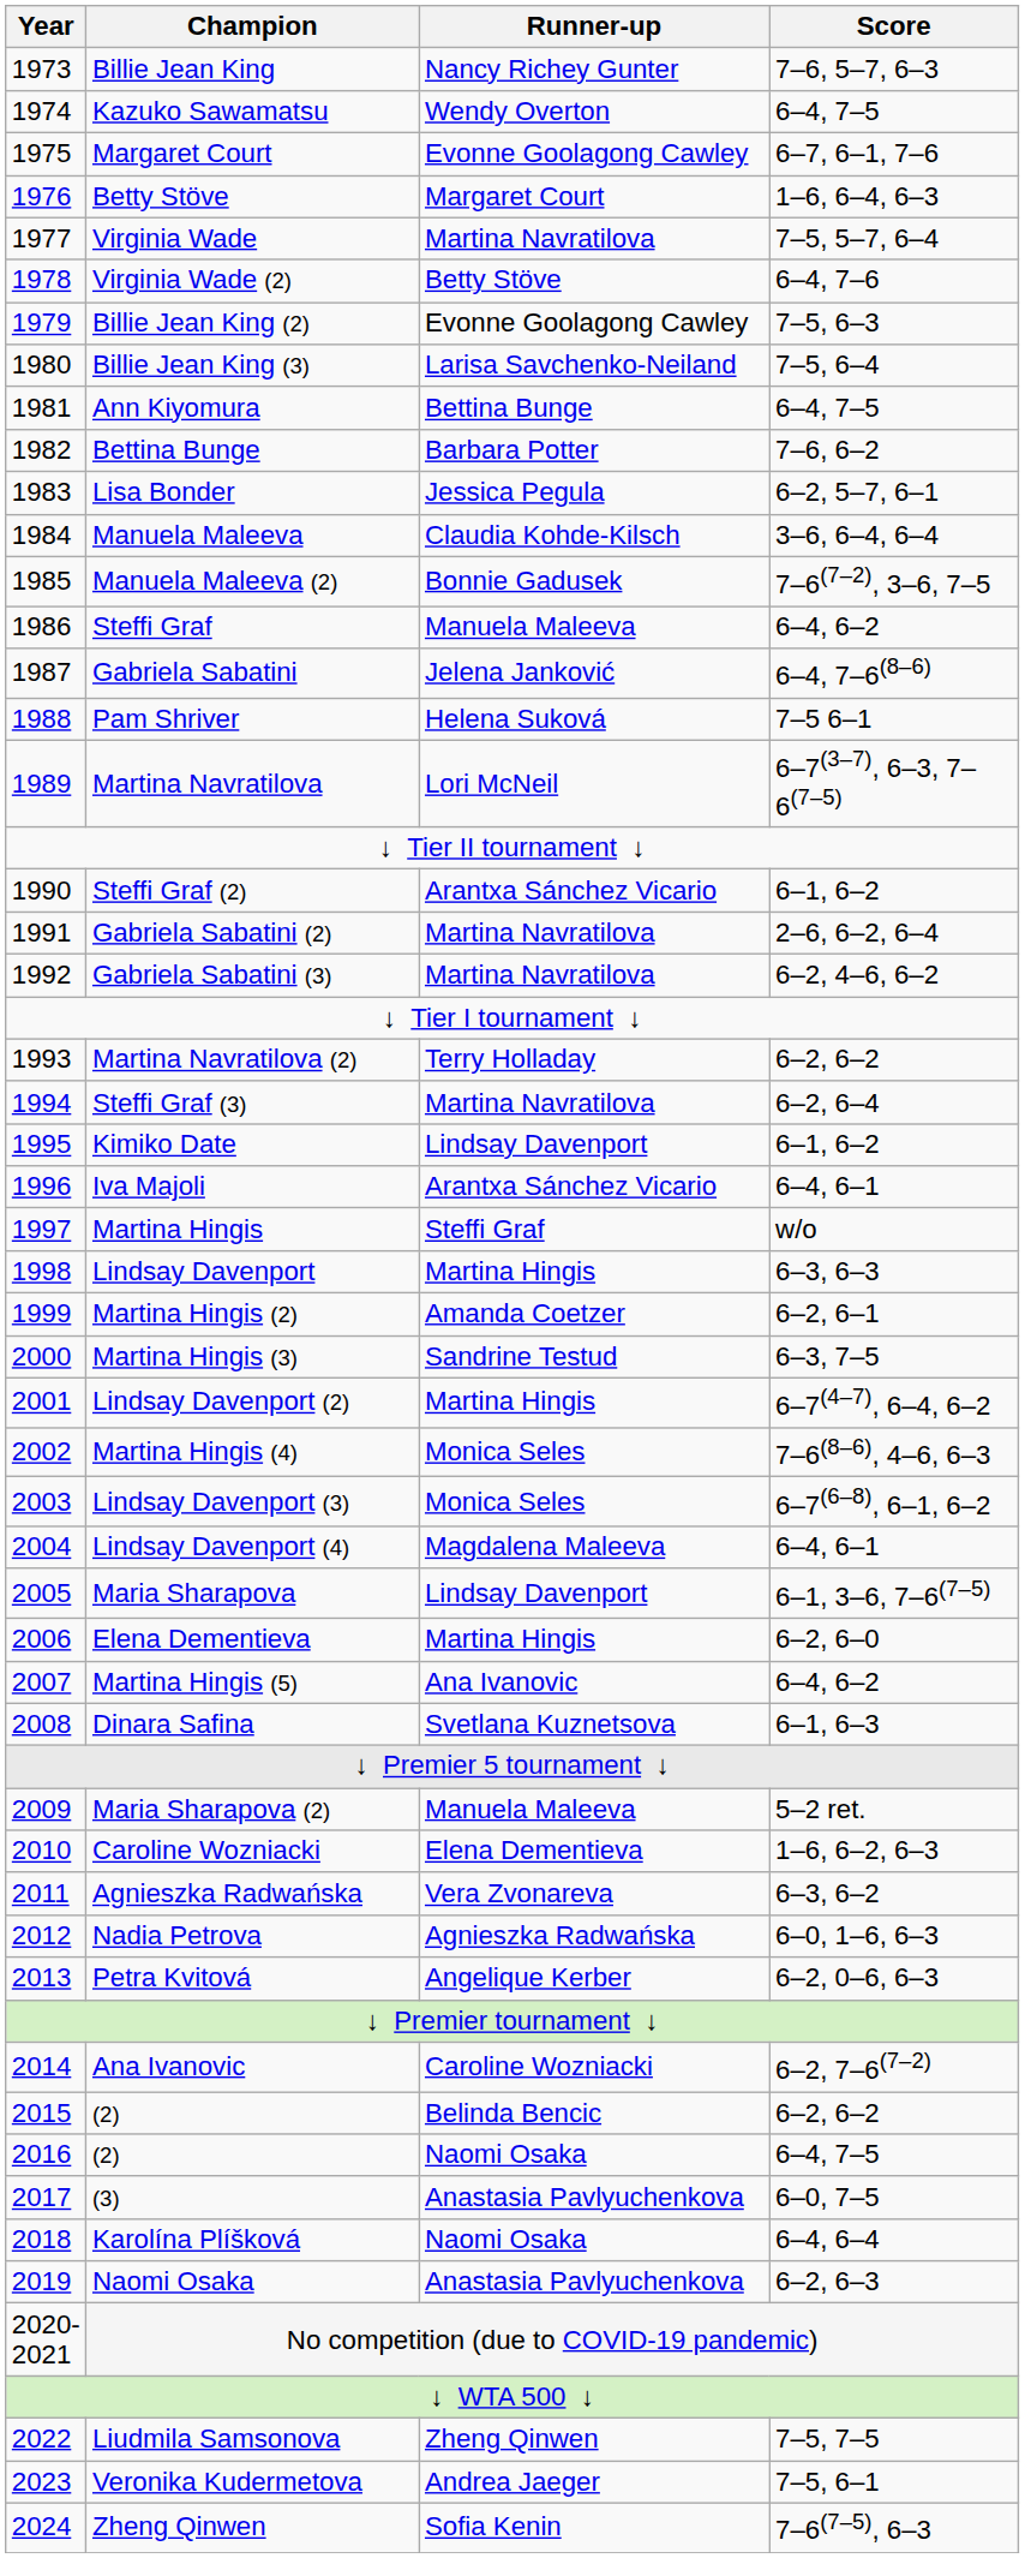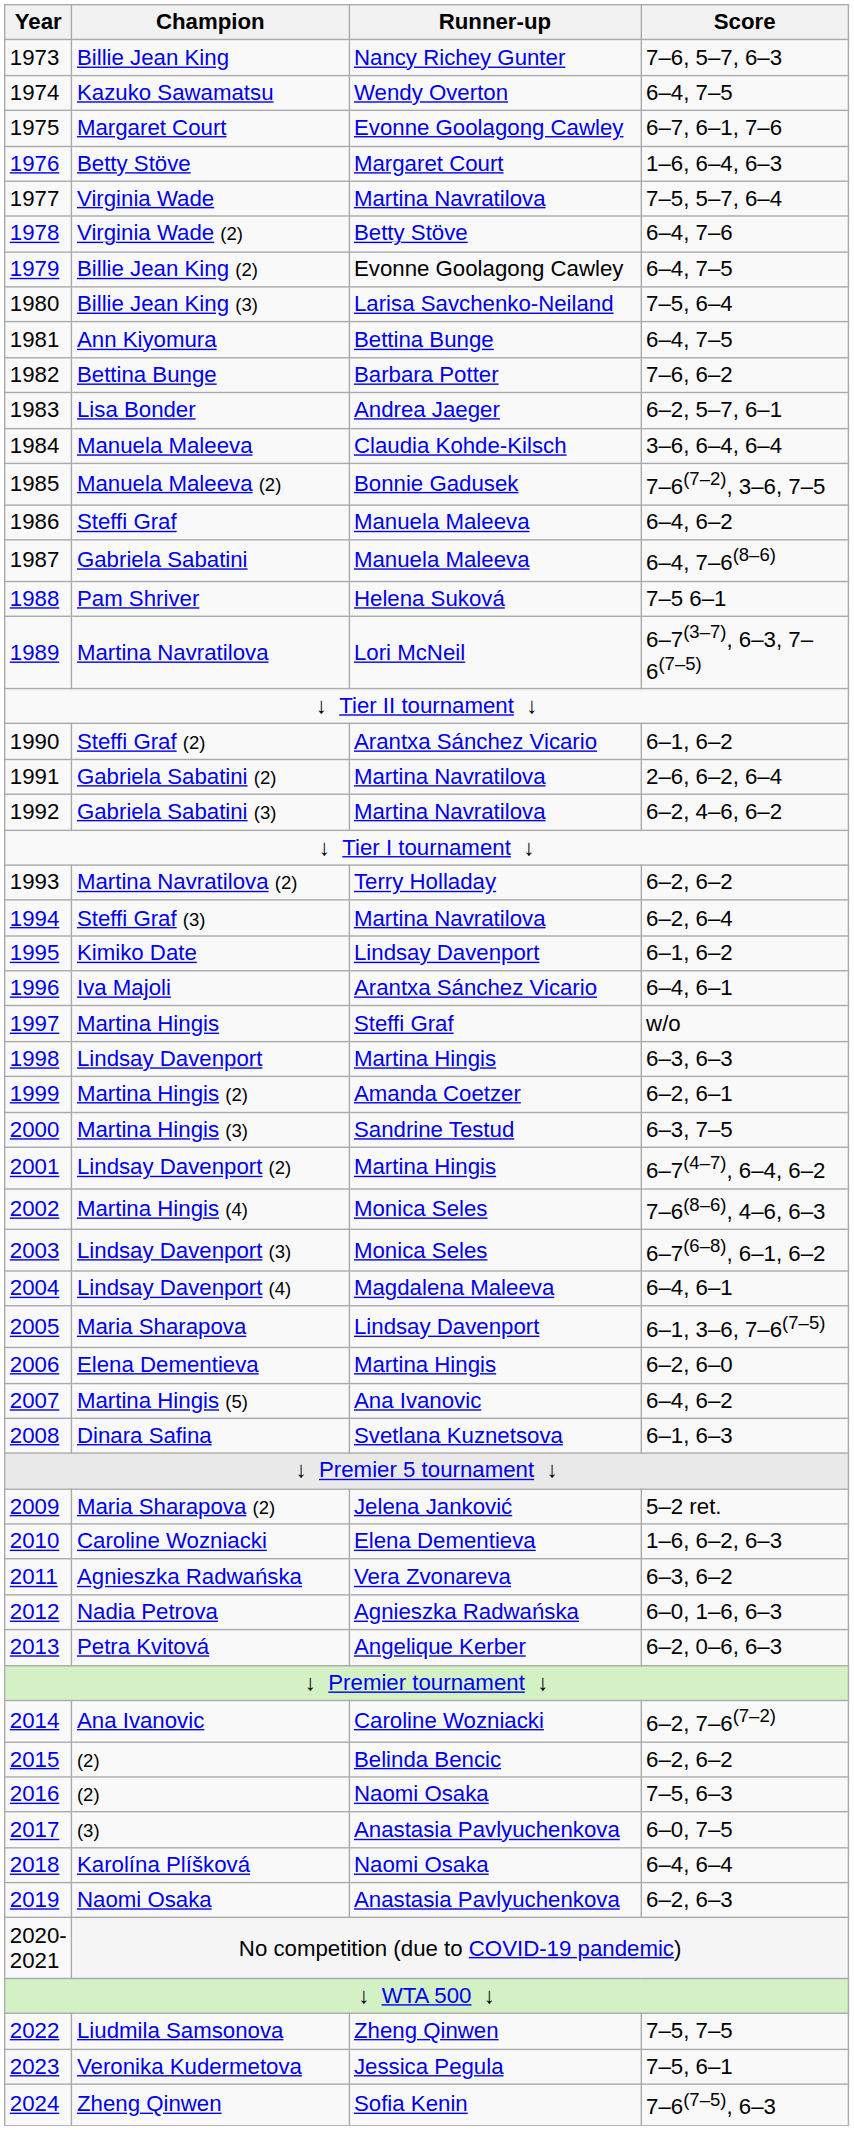 <table class="wikitable">
 <tr>
 <th style="width:40px">Year</th>
 <th style="width:200px">Champion</th>
 <th style="width:210px">Runner-up</th>
 <th style="width:150px" class="unsortable">Score</th>
 </tr>
 <tr>
 <td>1973</td>
 <td> <a href='#'>Billie Jean King</a></td>
 <td> <a href='#'>Nancy Richey Gunter</a></td>
 <td>7–6, 5–7, 6–3</td>
 </tr>
 <tr>
 <td>1974</td>
 <td> <a href='#'>Kazuko Sawamatsu</a></td>
 <td> <a href='#'>Wendy Overton</a></td>
 <td>6–4, 7–5</td>
 </tr>
 <tr>
 <td>1975</td>
 <td> <a href='#'>Margaret Court</a></td>
 <td> <a href='#'>Evonne Goolagong Cawley</a></td>
 <td>6–7, 6–1, 7–6</td>
 </tr>
 <tr>
 <td><a href='#'>1976</a></td>
 <td> <a href='#'>Betty Stöve</a></td>
 <td> <a href='#'>Margaret Court</a></td>
 <td>1–6, 6–4, 6–3</td>
 </tr>
 <tr>
 <td>1977</td>
 <td> <a href='#'>Virginia Wade</a></td>
 <td> <a href='#'>Martina Navratilova</a></td>
 <td>7–5, 5–7, 6–4</td>
 </tr>
 <tr>
 <td><a href='#'>1978</a></td>
 <td> <a href='#'>Virginia Wade</a> <small>(2) </small></td>
 <td> <a href='#'>Betty Stöve</a></td>
 <td>6–4, 7–6</td>
 </tr>
 <tr>
 <td><a href='#'>1979</a></td>
 <td> <a href='#'>Billie Jean King</a> <small>(2) </small></td>
 <td> Evonne Goolagong Cawley</td>
-<td>7–5, 6–3</td>
+<td>6–4, 7–5</td>
 </tr>
 <tr>
 <td>1980</td>
 <td> <a href='#'>Billie Jean King</a> <small>(3) </small></td>
 <td> <a href='#'>Larisa Savchenko-Neiland</a></td>
 <td>7–5, 6–4</td>
 </tr>
 <tr>
 <td>1981</td>
 <td> <a href='#'>Ann Kiyomura</a></td>
 <td> <a href='#'>Bettina Bunge</a></td>
 <td>6–4, 7–5</td>
 </tr>
 <tr>
 <td>1982</td>
 <td> <a href='#'>Bettina Bunge</a></td>
 <td> <a href='#'>Barbara Potter</a></td>
 <td>7–6, 6–2</td>
 </tr>
 <tr>
 <td>1983</td>
 <td> <a href='#'>Lisa Bonder</a></td>
-<td> <a href='#'>Jessica Pegula</a></td>
+<td> <a href='#'>Andrea Jaeger</a></td>
 <td>6–2, 5–7, 6–1</td>
 </tr>
 <tr>
 <td>1984</td>
 <td> <a href='#'>Manuela Maleeva</a></td>
 <td> <a href='#'>Claudia Kohde-Kilsch</a></td>
 <td>3–6, 6–4, 6–4</td>
 </tr>
 <tr>
 <td>1985</td>
 <td> <a href='#'>Manuela Maleeva</a> <small>(2) </small></td>
 <td> <a href='#'>Bonnie Gadusek</a></td>
 <td>7–6<sup>(7–2)</sup>, 3–6, 7–5</td>
 </tr>
 <tr>
 <td>1986</td>
 <td> <a href='#'>Steffi Graf</a></td>
 <td> <a href='#'>Manuela Maleeva</a></td>
 <td>6–4, 6–2</td>
 </tr>
 <tr>
 <td>1987</td>
 <td> <a href='#'>Gabriela Sabatini</a></td>
-<td> <a href='#'>Jelena Janković</a></td>
+<td> <a href='#'>Manuela Maleeva</a></td>
 <td>6–4, 7–6<sup>(8–6)</sup></td>
 </tr>
 <tr>
 <td><a href='#'>1988</a></td>
 <td> <a href='#'>Pam Shriver</a></td>
 <td> <a href='#'>Helena Suková</a></td>
 <td>7–5 6–1</td>
 </tr>
 <tr>
 <td><a href='#'>1989</a></td>
 <td> <a href='#'>Martina Navratilova</a></td>
 <td> <a href='#'>Lori McNeil</a></td>
 <td>6–7<sup>(3–7)</sup>, 6–3, 7–6<sup>(7–5)</sup></td>
 </tr>
 <tr>
 <td colspan="4" align="center">↓  <a href='#'>Tier II tournament</a>  ↓</td>
 </tr>
 <tr>
 <td>1990</td>
 <td> <a href='#'>Steffi Graf</a> <small>(2) </small></td>
 <td> <a href='#'>Arantxa Sánchez Vicario</a></td>
 <td>6–1, 6–2</td>
 </tr>
 <tr>
 <td>1991</td>
 <td> <a href='#'>Gabriela Sabatini</a> <small>(2) </small></td>
 <td> <a href='#'>Martina Navratilova</a></td>
 <td>2–6, 6–2, 6–4</td>
 </tr>
 <tr>
 <td>1992</td>
 <td> <a href='#'>Gabriela Sabatini</a> <small>(3) </small></td>
 <td> <a href='#'>Martina Navratilova</a></td>
 <td>6–2, 4–6, 6–2</td>
 </tr>
 <tr>
 <td colspan="4" align="center">↓  <a href='#'>Tier I tournament</a>  ↓</td>
 </tr>
 <tr>
 <td>1993</td>
 <td> <a href='#'>Martina Navratilova</a> <small>(2) </small></td>
 <td> <a href='#'>Terry Holladay</a></td>
 <td>6–2, 6–2</td>
 </tr>
 <tr>
 <td><a href='#'>1994</a></td>
 <td> <a href='#'>Steffi Graf</a> <small>(3) </small></td>
 <td> <a href='#'>Martina Navratilova</a></td>
 <td>6–2, 6–4</td>
 </tr>
 <tr>
 <td><a href='#'>1995</a></td>
 <td> <a href='#'>Kimiko Date</a></td>
 <td> <a href='#'>Lindsay Davenport</a></td>
 <td>6–1, 6–2</td>
 </tr>
 <tr>
 <td><a href='#'>1996</a></td>
 <td> <a href='#'>Iva Majoli</a></td>
 <td> <a href='#'>Arantxa Sánchez Vicario</a></td>
 <td>6–4, 6–1</td>
 </tr>
 <tr>
 <td><a href='#'>1997</a></td>
 <td> <a href='#'>Martina Hingis</a></td>
 <td> <a href='#'>Steffi Graf</a></td>
 <td>w/o</td>
 </tr>
 <tr>
 <td><a href='#'>1998</a></td>
 <td> <a href='#'>Lindsay Davenport</a></td>
 <td> <a href='#'>Martina Hingis</a></td>
 <td>6–3, 6–3</td>
 </tr>
 <tr>
 <td><a href='#'>1999</a></td>
 <td> <a href='#'>Martina Hingis</a> <small>(2) </small></td>
 <td> <a href='#'>Amanda Coetzer</a></td>
 <td>6–2, 6–1</td>
 </tr>
 <tr>
 <td><a href='#'>2000</a></td>
 <td> <a href='#'>Martina Hingis</a> <small>(3) </small></td>
 <td> <a href='#'>Sandrine Testud</a></td>
 <td>6–3, 7–5</td>
 </tr>
 <tr>
 <td><a href='#'>2001</a></td>
 <td> <a href='#'>Lindsay Davenport</a> <small>(2) </small></td>
 <td> <a href='#'>Martina Hingis</a></td>
 <td>6–7<sup>(4–7)</sup>, 6–4, 6–2</td>
 </tr>
 <tr>
 <td><a href='#'>2002</a></td>
 <td> <a href='#'>Martina Hingis</a> <small>(4) </small></td>
 <td> <a href='#'>Monica Seles</a></td>
 <td>7–6<sup>(8–6)</sup>, 4–6, 6–3</td>
 </tr>
 <tr>
 <td><a href='#'>2003</a></td>
 <td> <a href='#'>Lindsay Davenport</a> <small>(3) </small></td>
 <td> <a href='#'>Monica Seles</a></td>
 <td>6–7<sup>(6–8)</sup>, 6–1, 6–2</td>
 </tr>
 <tr>
 <td><a href='#'>2004</a></td>
 <td> <a href='#'>Lindsay Davenport</a> <small>(4) </small></td>
 <td> <a href='#'>Magdalena Maleeva</a></td>
 <td>6–4, 6–1</td>
 </tr>
 <tr>
 <td><a href='#'>2005</a></td>
 <td> <a href='#'>Maria Sharapova</a></td>
 <td> <a href='#'>Lindsay Davenport</a></td>
 <td>6–1, 3–6, 7–6<sup>(7–5)</sup></td>
 </tr>
 <tr>
 <td><a href='#'>2006</a></td>
 <td> <a href='#'>Elena Dementieva</a></td>
 <td> <a href='#'>Martina Hingis</a></td>
 <td>6–2, 6–0</td>
 </tr>
 <tr>
 <td><a href='#'>2007</a></td>
 <td> <a href='#'>Martina Hingis</a> <small>(5) </small></td>
 <td> <a href='#'>Ana Ivanovic</a></td>
 <td>6–4, 6–2</td>
 </tr>
 <tr>
 <td><a href='#'>2008</a></td>
 <td> <a href='#'>Dinara Safina</a></td>
 <td> <a href='#'>Svetlana Kuznetsova</a></td>
 <td>6–1, 6–3</td>
 </tr>
 <tr>
 <td colspan="4" style=background:#E9E9E9 align="center">↓  <a href='#'>Premier 5 tournament</a>  ↓</td>
 </tr>
 <tr>
 <td><a href='#'>2009</a></td>
 <td> <a href='#'>Maria Sharapova</a> <small>(2) </small></td>
-<td> <a href='#'>Manuela Maleeva</a></td>
+<td> <a href='#'>Jelena Janković</a></td>
 <td>5–2 ret.</td>
 </tr>
 <tr>
 <td><a href='#'>2010</a></td>
 <td> <a href='#'>Caroline Wozniacki</a></td>
 <td> <a href='#'>Elena Dementieva</a></td>
 <td>1–6, 6–2, 6–3</td>
 </tr>
 <tr>
 <td><a href='#'>2011</a></td>
 <td> <a href='#'>Agnieszka Radwańska</a></td>
 <td> <a href='#'>Vera Zvonareva</a></td>
 <td>6–3, 6–2</td>
 </tr>
 <tr>
 <td><a href='#'>2012</a></td>
 <td> <a href='#'>Nadia Petrova</a></td>
 <td> <a href='#'>Agnieszka Radwańska</a></td>
 <td>6–0, 1–6, 6–3</td>
 </tr>
 <tr>
 <td><a href='#'>2013</a></td>
 <td> <a href='#'>Petra Kvitová</a></td>
 <td> <a href='#'>Angelique Kerber</a></td>
 <td>6–2, 0–6, 6–3</td>
 </tr>
 <tr>
 <td colspan="4" style=background:#D4F1C5 align="center">↓  <a href='#'>Premier tournament</a>  ↓</td>
 </tr>
 <tr>
 <td><a href='#'>2014</a></td>
 <td> <a href='#'>Ana Ivanovic</a></td>
 <td> <a href='#'>Caroline Wozniacki</a></td>
 <td>6–2, 7–6<sup>(7–2)</sup></td>
 </tr>
 <tr>
 <td><a href='#'>2015</a></td>
 <td> <small>(2) </small></td>
 <td> <a href='#'>Belinda Bencic</a></td>
 <td>6–2, 6–2</td>
 </tr>
 <tr>
 <td><a href='#'>2016</a></td>
 <td> <small>(2) </small></td>
 <td> <a href='#'>Naomi Osaka</a></td>
-<td>6–4, 7–5</td>
+<td>7–5, 6–3</td>
 </tr>
 <tr>
 <td><a href='#'>2017</a></td>
 <td> <small>(3) </small></td>
 <td> <a href='#'>Anastasia Pavlyuchenkova</a></td>
 <td>6–0, 7–5</td>
 </tr>
 <tr>
 <td><a href='#'>2018</a></td>
 <td> <a href='#'>Karolína Plíšková</a></td>
 <td> <a href='#'>Naomi Osaka</a></td>
 <td>6–4, 6–4</td>
 </tr>
 <tr>
 <td><a href='#'>2019</a></td>
 <td> <a href='#'>Naomi Osaka</a></td>
 <td> <a href='#'>Anastasia Pavlyuchenkova</a></td>
 <td>6–2, 6–3</td>
 </tr>
 <tr>
 <td>2020-2021</td>
 <td colspan="3" bgcolor="#f5f5f5" align="center">No competition (due to <a href='#'>COVID-19 pandemic</a>)</td>
 </tr>
 <tr>
 <td colspan="4" style=background:#D4F1C5 align="center">↓  <a href='#'>WTA 500</a>  ↓</td>
 </tr>
 <tr>
 <td><a href='#'>2022</a></td>
 <td> <a href='#'>Liudmila Samsonova</a></td>
 <td> <a href='#'>Zheng Qinwen</a></td>
 <td>7–5, 7–5</td>
 </tr>
 <tr>
 <td><a href='#'>2023</a></td>
 <td> <a href='#'>Veronika Kudermetova</a></td>
-<td> <a href='#'>Andrea Jaeger</a></td>
+<td> <a href='#'>Jessica Pegula</a></td>
 <td>7–5, 6–1</td>
 </tr>
 <tr>
 <td><a href='#'>2024</a></td>
 <td> <a href='#'>Zheng Qinwen</a></td>
 <td> <a href='#'>Sofia Kenin</a></td>
 <td>7–6<sup>(7–5)</sup>, 6–3</td>
 </tr>
 </table>
